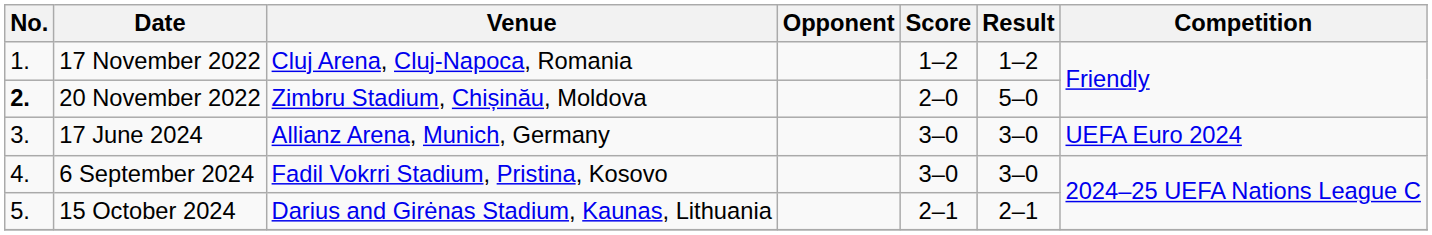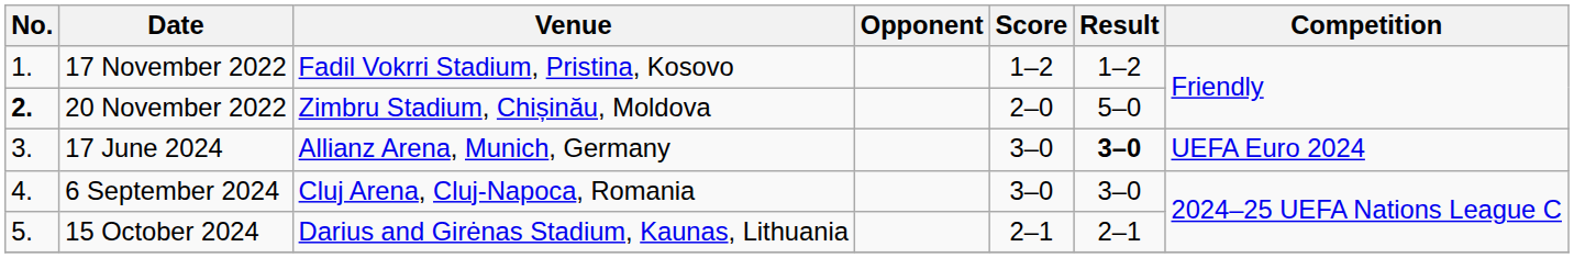 <table class="wikitable sortable">
 <tr>
 <th scope="col">No.</th>
 <th scope="col" data-sort-type="date">Date</th>
 <th scope="col">Venue</th>
 <th scope="col">Opponent</th>
 <th scope="col">Score</th>
 <th scope="col">Result</th>
 <th scope="col">Competition</th>
 </tr>
 <tr>
 <td>1.</td>
 <td>17 November 2022</td>
-<td><a href='#'>Cluj Arena</a>, <a href='#'>Cluj-Napoca</a>, Romania</td>
+<td><a href='#'>Fadil Vokrri Stadium</a>, <a href='#'>Pristina</a>, Kosovo</td>
 <td></td>
 <td align=center>1–2</td>
 <td align=center>1–2</td>
 <td rowspan=2><a href='#'>Friendly</a></td>
 </tr>
 <tr>
 <td><strong>2.</strong></td>
 <td>20 November 2022</td>
 <td><a href='#'>Zimbru Stadium</a>, <a href='#'>Chișinău</a>, Moldova</td>
 <td></td>
 <td align=center>2–0</td>
 <td align=center>5–0</td>
 </tr>
 <tr>
 <td>3.</td>
 <td>17 June 2024</td>
 <td><a href='#'>Allianz Arena</a>, <a href='#'>Munich</a>, Germany</td>
 <td></td>
 <td align=center>3–0</td>
-<td align=center>3–0</td>
+<td align=center><strong>3–0</strong></td>
 <td><a href='#'>UEFA Euro 2024</a></td>
 </tr>
 <tr>
 <td>4.</td>
 <td>6 September 2024</td>
-<td><a href='#'>Fadil Vokrri Stadium</a>, <a href='#'>Pristina</a>, Kosovo</td>
+<td><a href='#'>Cluj Arena</a>, <a href='#'>Cluj-Napoca</a>, Romania</td>
 <td></td>
 <td align=center>3–0</td>
 <td align=center>3–0</td>
 <td rowspan="2"><a href='#'>2024–25 UEFA Nations League C</a></td>
 </tr>
 <tr>
 <td>5.</td>
 <td>15 October 2024</td>
 <td><a href='#'>Darius and Girėnas Stadium</a>, <a href='#'>Kaunas</a>, Lithuania</td>
 <td></td>
 <td align="center">2–1</td>
 <td align="center">2–1</td>
 </tr>
 <tr>
 </tr>
 </table>
